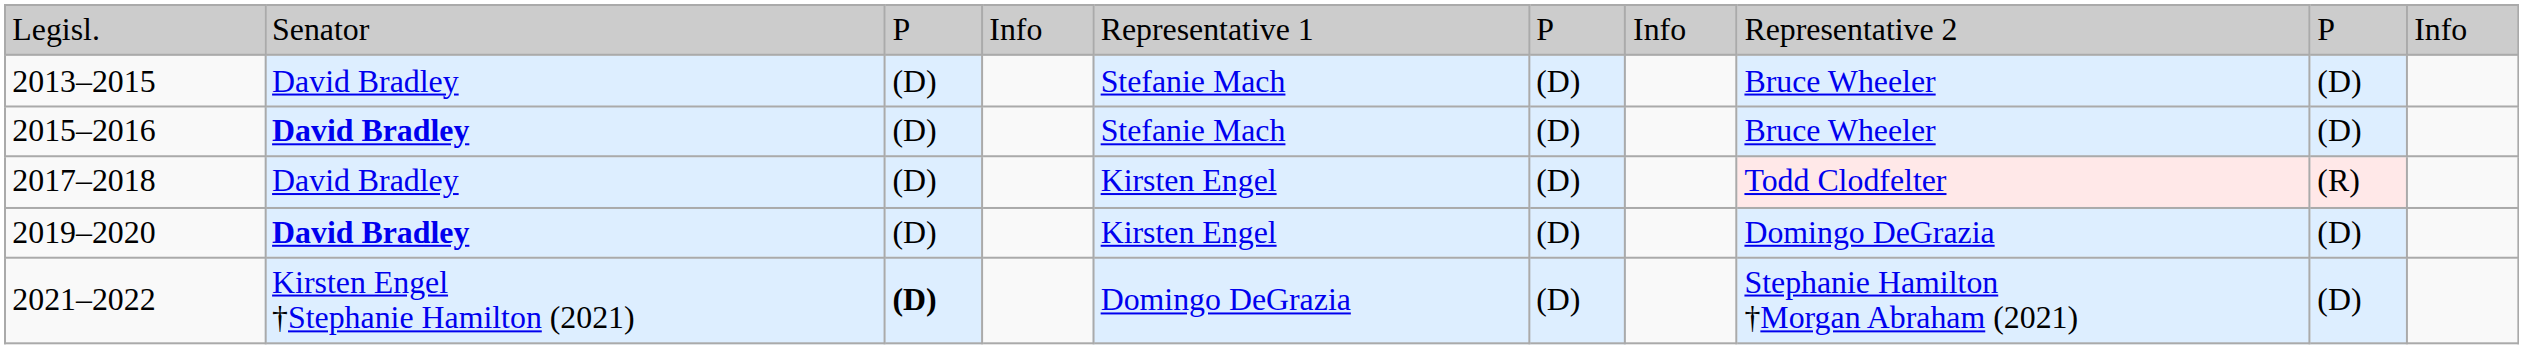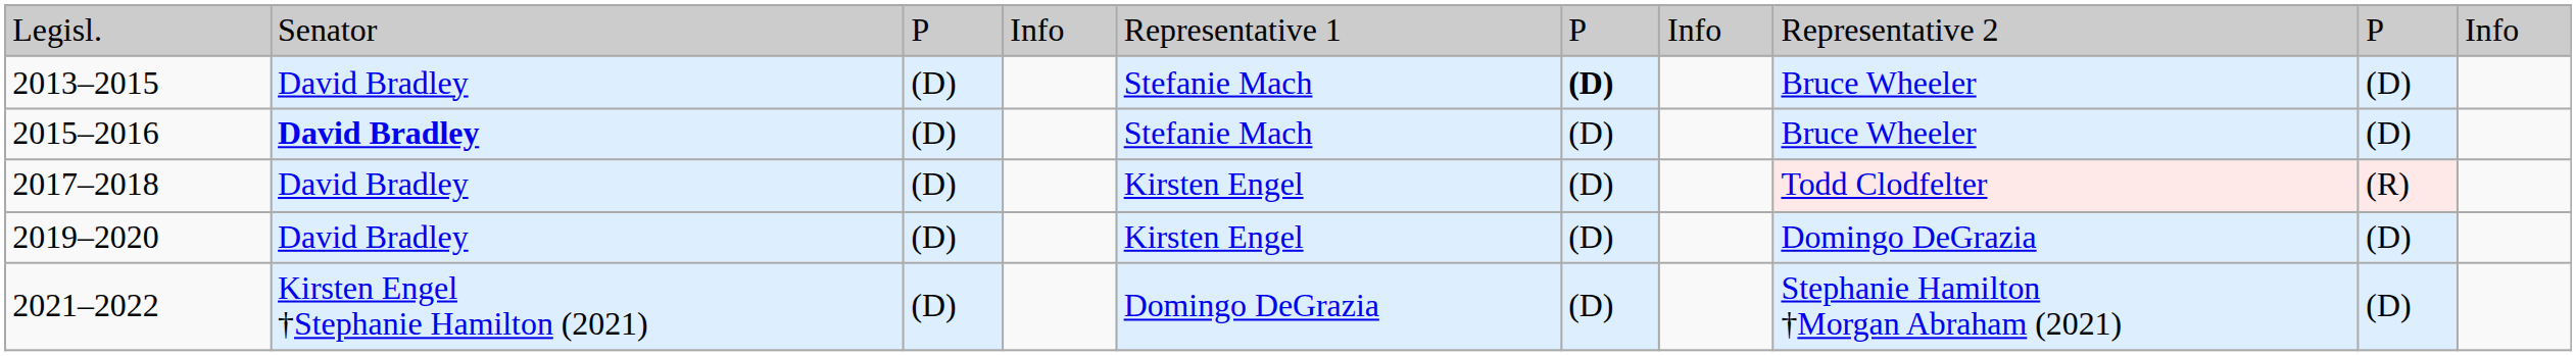 <table class=wikitable width="100%" border="1">
 <tr style="background-color:#cccccc;">
 <td>Legisl.</td>
 <td>Senator</td>
 <td>P</td>
 <td>Info</td>
 <td>Representative 1</td>
 <td>P</td>
 <td>Info</td>
 <td>Representative 2</td>
 <td>P</td>
 <td>Info</td>
 </tr>
 <tr>
 <td>2013–2015</td>
 <td style="background:#DDEEFF"><a href='#'>David Bradley</a></td>
 <td style="background:#DDEEFF">(D)</td>
 <td></td>
 <td style="background:#DDEEFF"><a href='#'>Stefanie Mach</a></td>
-<td style="background:#DDEEFF">(D)</td>
+<td style="background:#DDEEFF"><strong>(D)</strong></td>
 <td></td>
 <td style="background:#DDEEFF"><a href='#'>Bruce Wheeler</a></td>
 <td style="background:#DDEEFF">(D)</td>
 <td></td>
 </tr>
 <tr>
 <td>2015–2016</td>
 <td style="background:#DDEEFF"><strong><a href='#'>David Bradley</a></strong></td>
 <td style="background:#DDEEFF">(D)</td>
 <td></td>
 <td style="background:#DDEEFF"><a href='#'>Stefanie Mach</a></td>
 <td style="background:#DDEEFF">(D)</td>
 <td></td>
 <td style="background:#DDEEFF"><a href='#'>Bruce Wheeler</a></td>
 <td style="background:#DDEEFF">(D)</td>
 <td></td>
 </tr>
 <tr>
 <td>2017–2018</td>
 <td style="background:#DDEEFF"><a href='#'>David Bradley</a></td>
 <td style="background:#DDEEFF">(D)</td>
 <td></td>
 <td style="background:#DDEEFF"><a href='#'>Kirsten Engel</a></td>
 <td style="background:#DDEEFF">(D)</td>
 <td></td>
 <td style="background:#FFE8E8"><a href='#'>Todd Clodfelter</a></td>
 <td style="background:#FFE8E8">(R)</td>
 <td></td>
 </tr>
 <tr>
 <td>2019–2020</td>
-<td style="background:#DDEEFF"><strong><a href='#'>David Bradley</a></strong></td>
+<td style="background:#DDEEFF"><a href='#'>David Bradley</a></td>
 <td style="background:#DDEEFF">(D)</td>
 <td></td>
 <td style="background:#DDEEFF"><a href='#'>Kirsten Engel</a></td>
 <td style="background:#DDEEFF">(D)</td>
 <td></td>
 <td style="background:#DDEEFF"><a href='#'>Domingo DeGrazia</a></td>
 <td style="background:#DDEEFF">(D)</td>
 <td></td>
 </tr>
 <tr>
 <td>2021–2022</td>
 <td style="background:#DDEEFF"><a href='#'>Kirsten Engel</a><br>†<a href='#'>Stephanie Hamilton</a> (2021)</td>
-<td style="background:#DDEEFF"><strong>(D)</strong></td>
+<td style="background:#DDEEFF">(D)</td>
 <td></td>
 <td style="background:#DDEEFF"><a href='#'>Domingo DeGrazia</a></td>
 <td style="background:#DDEEFF">(D)</td>
 <td></td>
 <td style="background:#DDEEFF"><a href='#'>Stephanie Hamilton</a><br>†<a href='#'>Morgan Abraham</a> (2021)</td>
 <td style="background:#DDEEFF">(D)</td>
 <td></td>
 </tr>
 </table>
